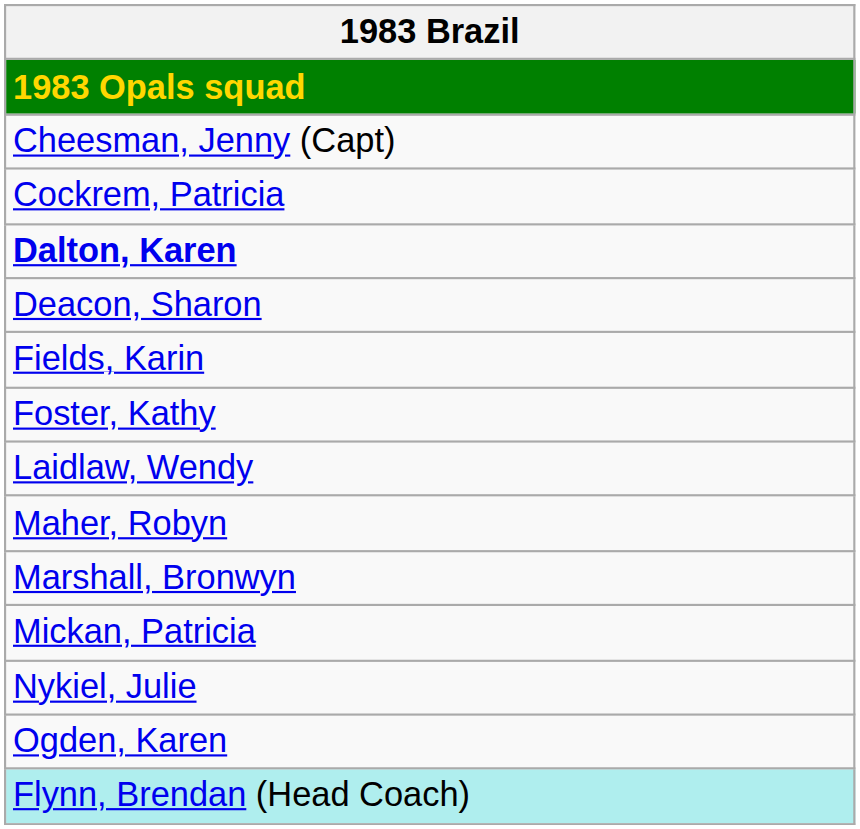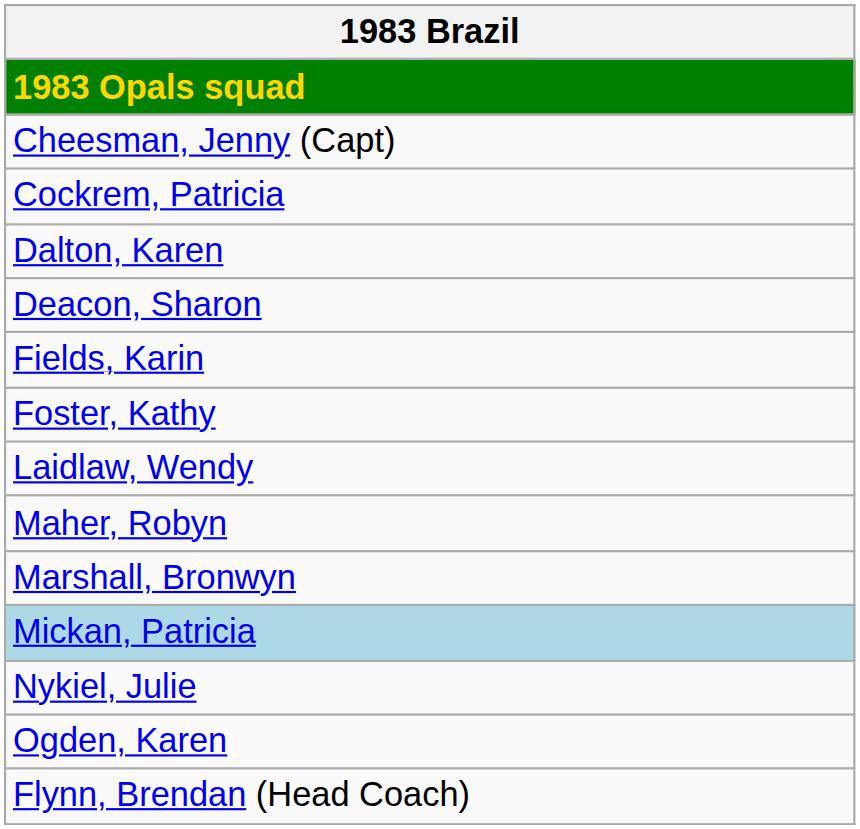 <table class="wikitable collapsible autocollapse" width=25%>
 <tr>
 <th>1983 Brazil</th>
 </tr>
 <tr>
 <td bgcolor=green style="color:gold; width:200px"><strong>1983 Opals squad</strong></td>
 </tr>
 <tr>
 <td><a href='#'>Cheesman, Jenny</a> (Capt)</td>
 </tr>
 <tr>
 <td><a href='#'>Cockrem, Patricia</a></td>
 </tr>
 <tr>
-<td><strong><a href='#'>Dalton, Karen</a></strong></td>
+<td><a href='#'>Dalton, Karen</a></td>
 </tr>
 <tr>
 <td><a href='#'>Deacon, Sharon</a></td>
 </tr>
 <tr>
 <td><a href='#'>Fields, Karin</a></td>
 </tr>
 <tr>
 <td><a href='#'>Foster, Kathy</a></td>
 </tr>
 <tr>
 <td><a href='#'>Laidlaw, Wendy</a></td>
 </tr>
 <tr>
 <td><a href='#'>Maher, Robyn</a></td>
 </tr>
 <tr>
 <td><a href='#'>Marshall, Bronwyn</a></td>
 </tr>
 <tr>
-<td><a href='#'>Mickan, Patricia</a></td>
+<td style="background: lightblue;"><a href='#'>Mickan, Patricia</a></td>
 </tr>
 <tr>
 <td><a href='#'>Nykiel, Julie</a></td>
 </tr>
 <tr>
 <td><a href='#'>Ogden, Karen</a></td>
 </tr>
 <tr>
-<td style="background: paleturquoise;"><a href='#'>Flynn, Brendan</a> (Head Coach)</td>
+<td><a href='#'>Flynn, Brendan</a> (Head Coach)</td>
 </tr>
 </table>
